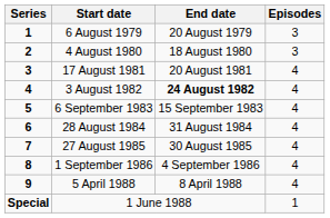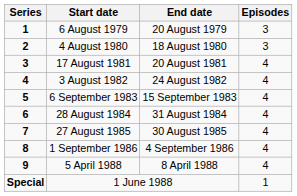 <table class="wikitable" style="text-align:center;">
 <tr>
 <th>Series</th>
 <th>Start date</th>
 <th>End date</th>
 <th>Episodes</th>
 </tr>
 <tr>
 <td><strong>1</strong></td>
 <td>6 August 1979</td>
 <td>20 August 1979</td>
 <td>3</td>
 </tr>
 <tr>
 <td><strong>2</strong></td>
 <td>4 August 1980</td>
 <td>18 August 1980</td>
 <td>3</td>
 </tr>
 <tr>
 <td><strong>3</strong></td>
 <td>17 August 1981</td>
 <td>20 August 1981</td>
 <td>4</td>
 </tr>
 <tr>
 <td><strong>4</strong></td>
 <td>3 August 1982</td>
-<td><strong>24 August 1982</strong></td>
+<td>24 August 1982</td>
 <td>4</td>
 </tr>
 <tr>
 <td><strong>5</strong></td>
 <td>6 September 1983</td>
 <td>15 September 1983</td>
 <td>4</td>
 </tr>
 <tr>
 <td><strong>6</strong></td>
 <td>28 August 1984</td>
 <td>31 August 1984</td>
 <td>4</td>
 </tr>
 <tr>
 <td><strong>7</strong></td>
 <td>27 August 1985</td>
 <td>30 August 1985</td>
 <td>4</td>
 </tr>
 <tr>
 <td><strong>8</strong></td>
 <td>1 September 1986</td>
 <td>4 September 1986</td>
 <td>4</td>
 </tr>
 <tr>
 <td><strong>9</strong></td>
 <td>5 April 1988</td>
 <td>8 April 1988</td>
 <td>4</td>
 </tr>
 <tr>
 <td><strong>Special</strong></td>
 <td colspan="2">1 June 1988</td>
 <td>1</td>
 </tr>
 </table>
